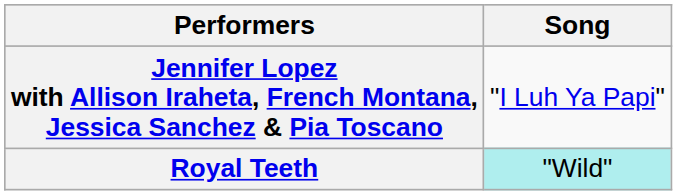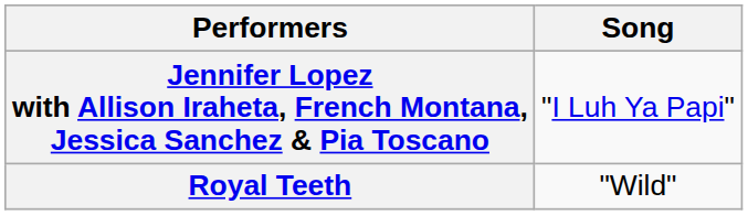 <table class="wikitable unsortable" style="text-align:center;">
 <tr>
 <th scope="col">Performers</th>
 <th scope="col">Song</th>
 </tr>
 <tr>
 <th scope="row"><a href='#'>Jennifer Lopez</a><br>with <a href='#'>Allison Iraheta</a>, <a href='#'>French Montana</a>,<br><a href='#'>Jessica Sanchez</a> & <a href='#'>Pia Toscano</a></th>
 <td>"<a href='#'>I Luh Ya Papi</a>"</td>
 </tr>
 <tr>
 <th scope="row"><a href='#'>Royal Teeth</a></th>
-<td style="background: paleturquoise;">"Wild"</td>
+<td>"Wild"</td>
 </tr>
 </table>
